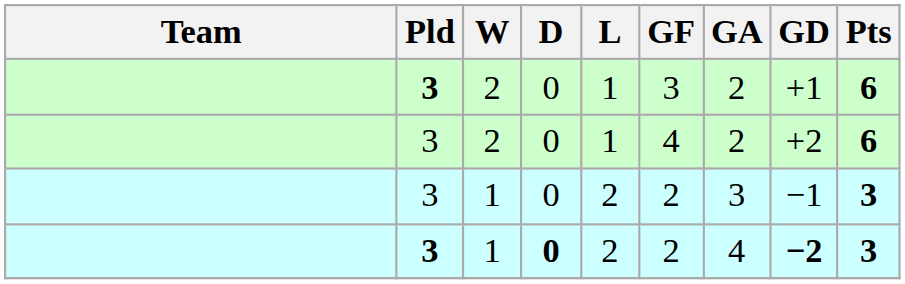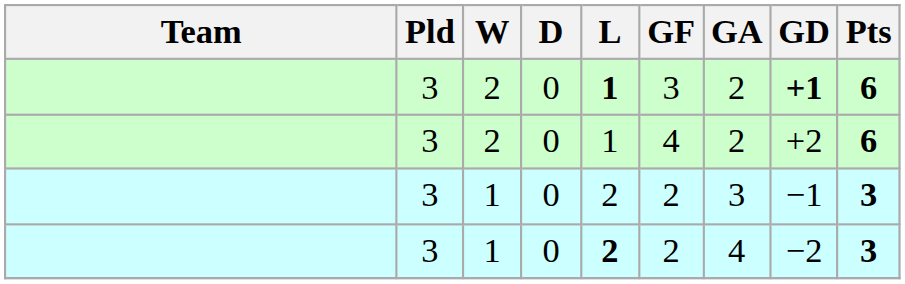 <table class="wikitable" style="text-align: center;">
 <tr>
 <th width=175>Team</th>
 <th width=20>Pld</th>
 <th width=20>W</th>
 <th width=20>D</th>
 <th width=20>L</th>
 <th width=20>GF</th>
 <th width=20>GA</th>
 <th width=20>GD</th>
 <th width=20>Pts</th>
 </tr>
 <tr bgcolor=#ccffcc>
 <td style="text-align:left;"></td>
-<td><strong>3</strong></td>
+<td>3</td>
 <td>2</td>
 <td>0</td>
-<td>1</td>
+<td><strong>1</strong></td>
 <td>3</td>
 <td>2</td>
-<td>+1</td>
+<td><strong>+1</strong></td>
 <td><strong>6</strong></td>
 </tr>
 <tr bgcolor=#ccffcc>
 <td style="text-align:left;"></td>
 <td>3</td>
 <td>2</td>
 <td>0</td>
 <td>1</td>
 <td>4</td>
 <td>2</td>
 <td>+2</td>
 <td><strong>6</strong></td>
 </tr>
 <tr bgcolor=#ccffff>
 <td style="text-align:left;"></td>
 <td>3</td>
 <td>1</td>
 <td>0</td>
 <td>2</td>
 <td>2</td>
 <td>3</td>
 <td>−1</td>
 <td><strong>3</strong></td>
 </tr>
 <tr bgcolor=#ccffff>
 <td style="text-align:left;"></td>
-<td><strong>3</strong></td>
+<td>3</td>
 <td>1</td>
-<td><strong>0</strong></td>
-<td>2</td>
+<td>0</td>
+<td><strong>2</strong></td>
 <td>2</td>
 <td>4</td>
-<td><strong>−2</strong></td>
+<td>−2</td>
 <td><strong>3</strong></td>
 </tr>
 <tr>
 </tr>
 </table>
